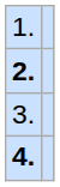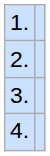 <table class="wikitable">
 <tr bgcolor="#CAE1FF">
 <td align="center">1.</td>
 <td></td>
 </tr>
 <tr bgcolor="#CAE1FF">
-<td align="center"><strong>2.</strong></td>
+<td align="center">2.</td>
 <td></td>
 </tr>
 <tr bgcolor="#CAE1FF">
 <td align="center">3.</td>
 <td></td>
 </tr>
 <tr bgcolor="#CAE1FF">
-<td align="center"><strong>4.</strong></td>
+<td align="center">4.</td>
 <td></td>
 </tr>
 </table>
